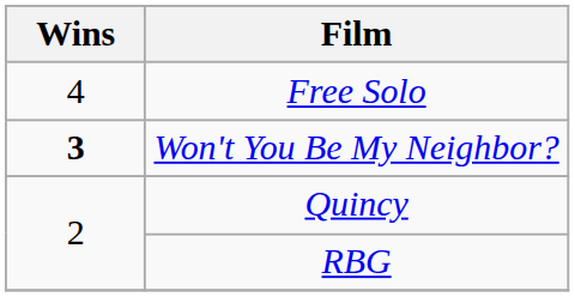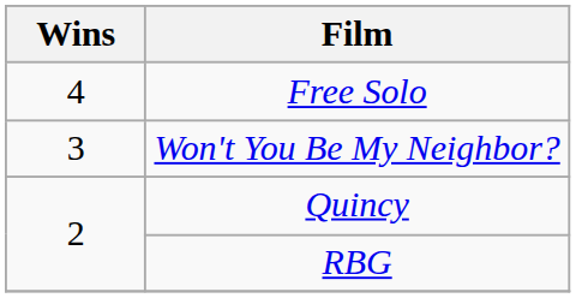 <table class="wikitable" rowspan="2" style="text-align:center;" background: #f6e39c;>
 <tr>
 <th scope="col" style="width:55px;">Wins</th>
 <th scope="col" style="text-align:center;">Film</th>
 </tr>
 <tr>
 <td rowspan=1 style="text-align:center">4</td>
 <td><em><a href='#'>Free Solo</a></em></td>
 </tr>
 <tr>
-<td rowspan=1 style="text-align:center"><strong>3</strong></td>
+<td rowspan=1 style="text-align:center">3</td>
 <td><em><a href='#'>Won't You Be My Neighbor?</a></em></td>
 </tr>
 <tr>
 <td rowspan=2 style="text-align:center">2</td>
 <td><em><a href='#'>Quincy</a></em></td>
 </tr>
 <tr>
 <td><em><a href='#'>RBG</a></em></td>
 </tr>
 <tr>
 </tr>
 </table>
